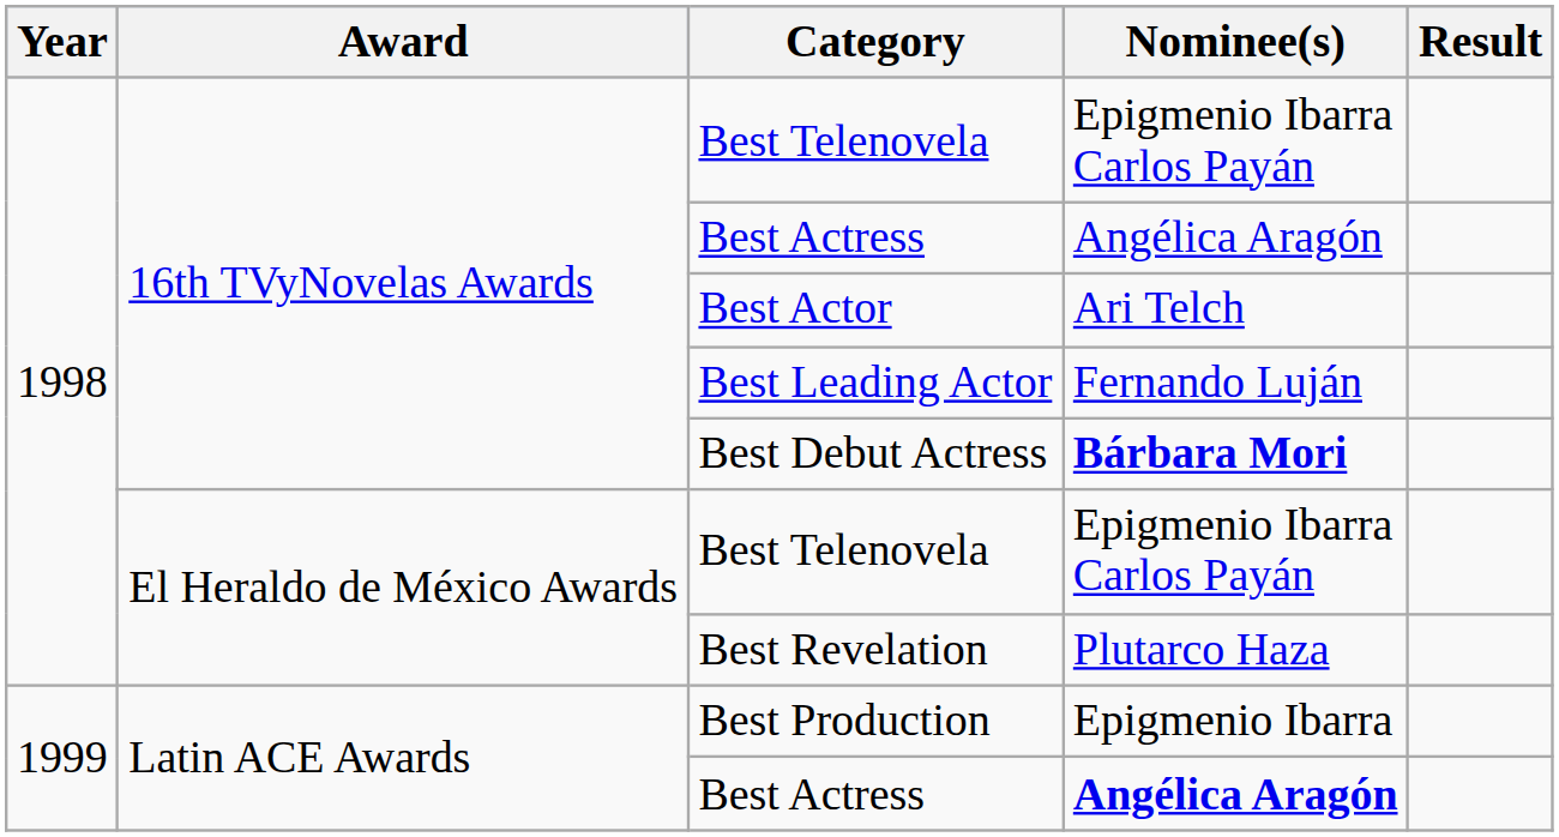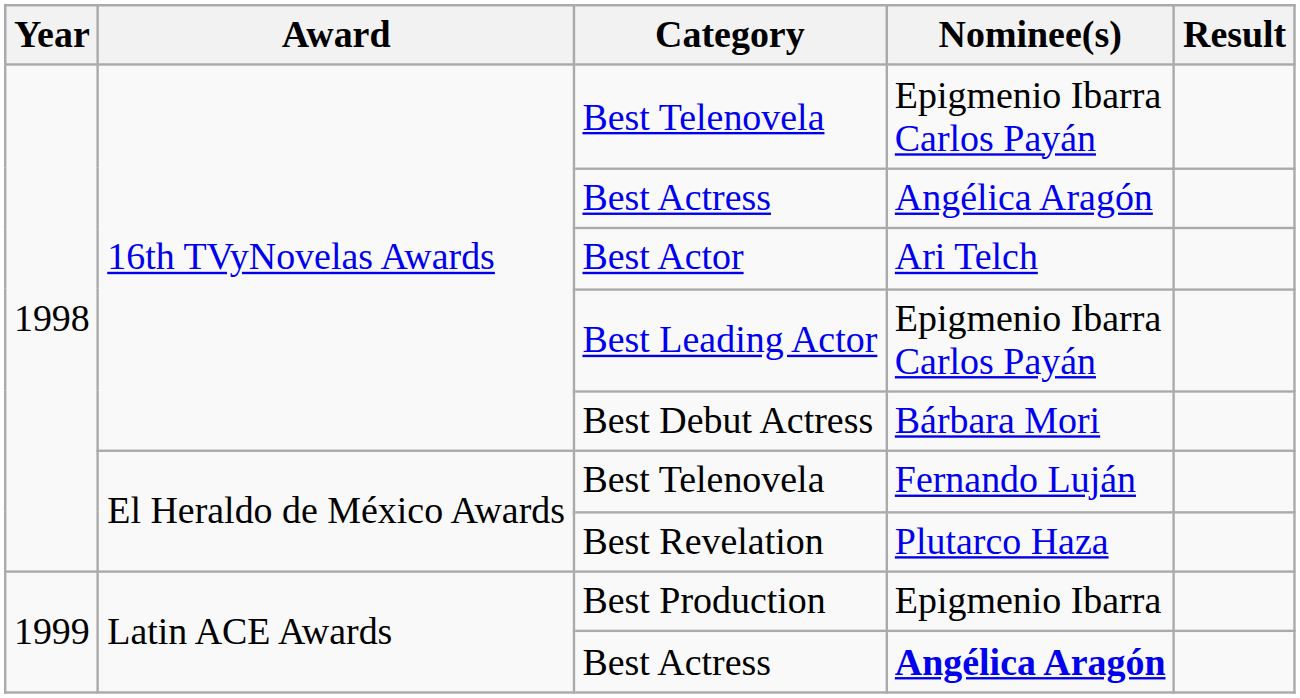 <table class="wikitable">
 <tr style="background:#b0c4de;">
 <th>Year</th>
 <th>Award</th>
 <th>Category</th>
 <th>Nominee(s)</th>
 <th>Result</th>
 </tr>
 <tr>
 <td rowspan=7>1998</td>
 <td rowspan=5><a href='#'>16th TVyNovelas Awards</a></td>
 <td><a href='#'>Best Telenovela</a></td>
 <td>Epigmenio Ibarra <br> <a href='#'>Carlos Payán</a></td>
 <td></td>
 </tr>
 <tr>
 <td><a href='#'>Best Actress</a></td>
 <td><a href='#'>Angélica Aragón</a></td>
 <td></td>
 </tr>
 <tr>
 <td><a href='#'>Best Actor</a></td>
 <td><a href='#'>Ari Telch</a></td>
 <td></td>
 </tr>
 <tr>
 <td><a href='#'>Best Leading Actor</a></td>
-<td><a href='#'>Fernando Luján</a></td>
+<td>Epigmenio Ibarra <br> <a href='#'>Carlos Payán</a></td>
 <td></td>
 </tr>
 <tr>
 <td>Best Debut Actress</td>
-<td><strong><a href='#'>Bárbara Mori</a></strong></td>
+<td><a href='#'>Bárbara Mori</a></td>
 <td></td>
 </tr>
 <tr>
 <td rowspan=2>El Heraldo de México Awards</td>
 <td>Best Telenovela</td>
-<td>Epigmenio Ibarra <br> <a href='#'>Carlos Payán</a></td>
+<td><a href='#'>Fernando Luján</a></td>
 <td></td>
 </tr>
 <tr>
 <td>Best Revelation</td>
 <td><a href='#'>Plutarco Haza</a></td>
 <td></td>
 </tr>
 <tr>
 <td rowspan=2>1999</td>
 <td rowspan=2>Latin ACE Awards</td>
 <td>Best Production</td>
 <td>Epigmenio Ibarra</td>
 <td></td>
 </tr>
 <tr>
 <td>Best Actress</td>
 <td><strong><a href='#'>Angélica Aragón</a></strong></td>
 <td></td>
 </tr>
 </table>
